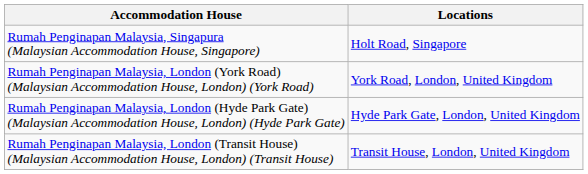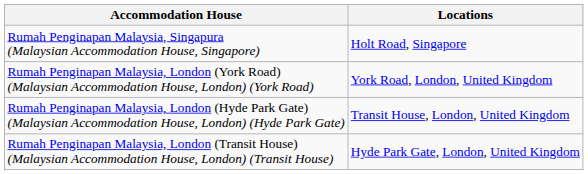 <table class="wikitable">
 <tr>
 <th>Accommodation House</th>
 <th>Locations</th>
 </tr>
 <tr>
 <td><a href='#'>Rumah Penginapan Malaysia, Singapura</a><br><em>(Malaysian Accommodation House, Singapore)</em></td>
 <td><a href='#'>Holt Road</a>, <a href='#'>Singapore</a></td>
 </tr>
 <tr>
 <td><a href='#'>Rumah Penginapan Malaysia, London</a> (York Road)<br><em>(Malaysian Accommodation House, London) (York Road)</em></td>
 <td><a href='#'>York Road</a>, <a href='#'>London</a>, <a href='#'>United Kingdom</a></td>
 </tr>
 <tr>
 <td><a href='#'>Rumah Penginapan Malaysia, London</a> (Hyde Park Gate)<br><em>(Malaysian Accommodation House, London) (Hyde Park Gate)</em></td>
-<td><a href='#'>Hyde Park Gate</a>, <a href='#'>London</a>, <a href='#'>United Kingdom</a></td>
+<td><a href='#'>Transit House</a>, <a href='#'>London</a>, <a href='#'>United Kingdom</a></td>
 </tr>
 <tr>
 <td><a href='#'>Rumah Penginapan Malaysia, London</a> (Transit House)<br><em>(Malaysian Accommodation House, London) (Transit House)</em></td>
-<td><a href='#'>Transit House</a>, <a href='#'>London</a>, <a href='#'>United Kingdom</a></td>
+<td><a href='#'>Hyde Park Gate</a>, <a href='#'>London</a>, <a href='#'>United Kingdom</a></td>
 </tr>
 </table>
